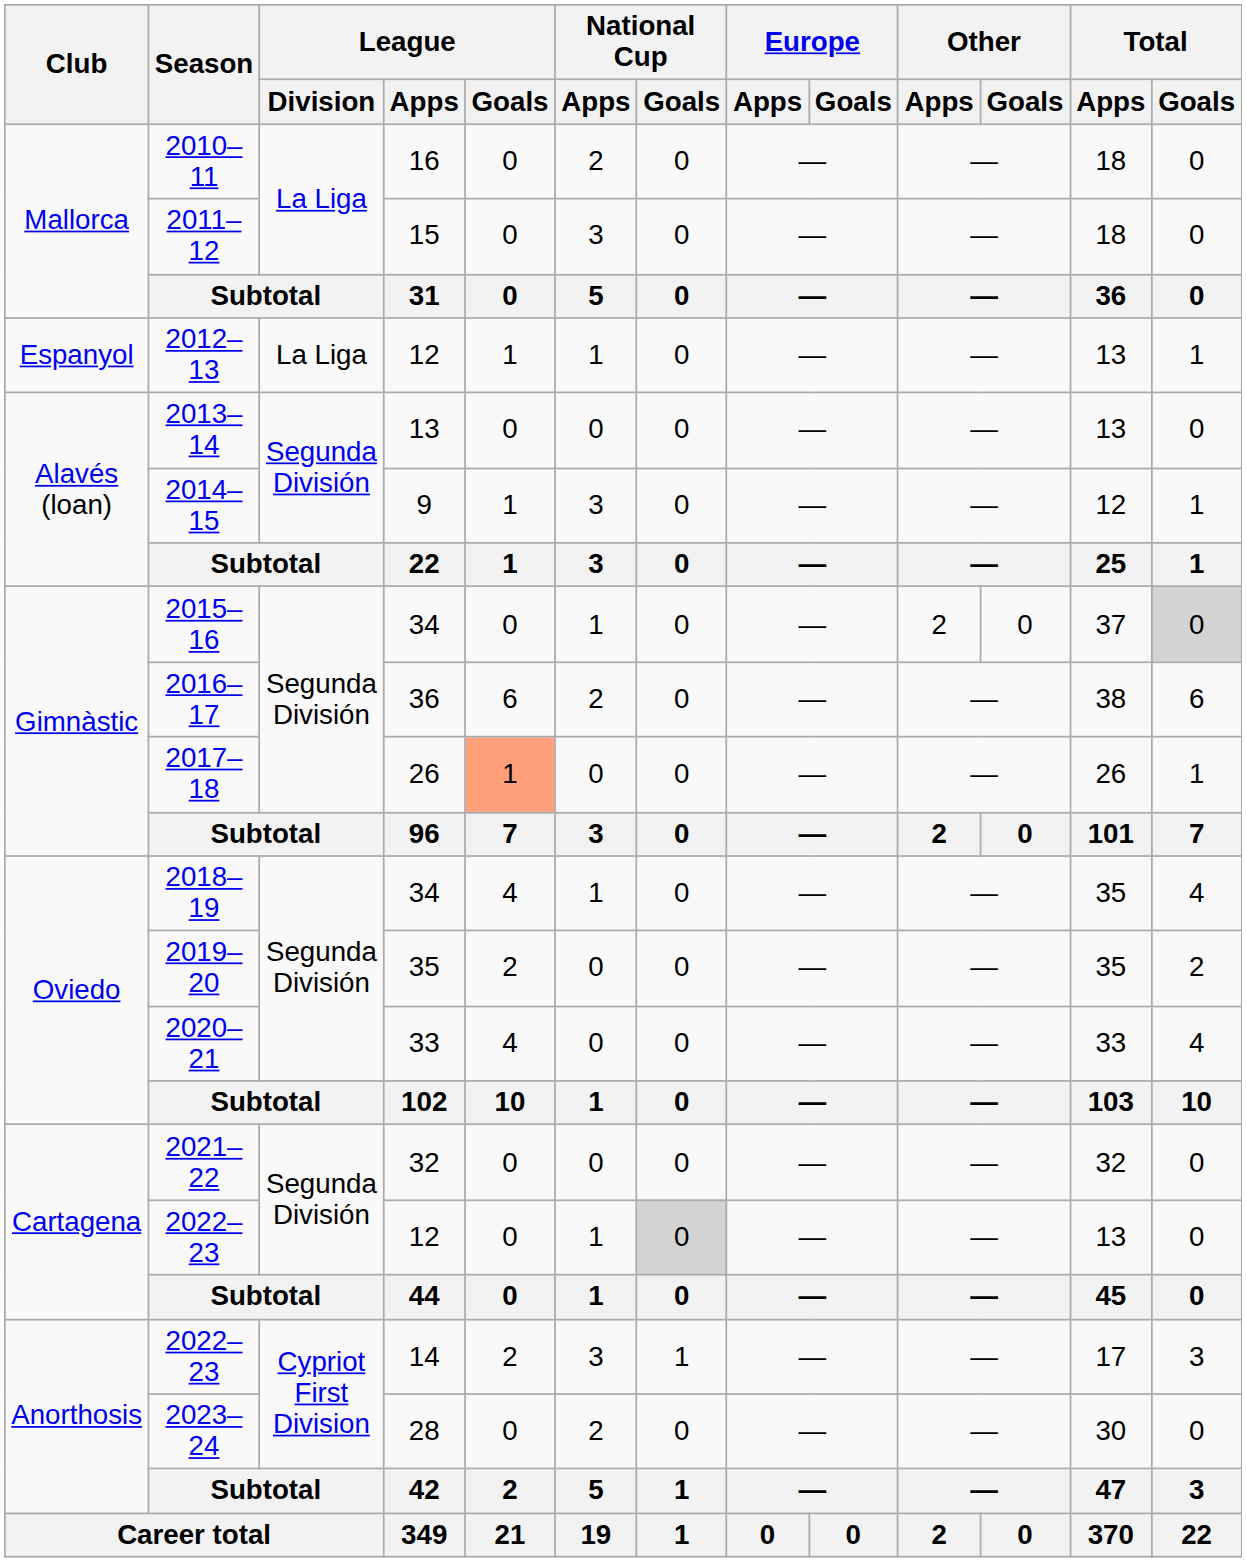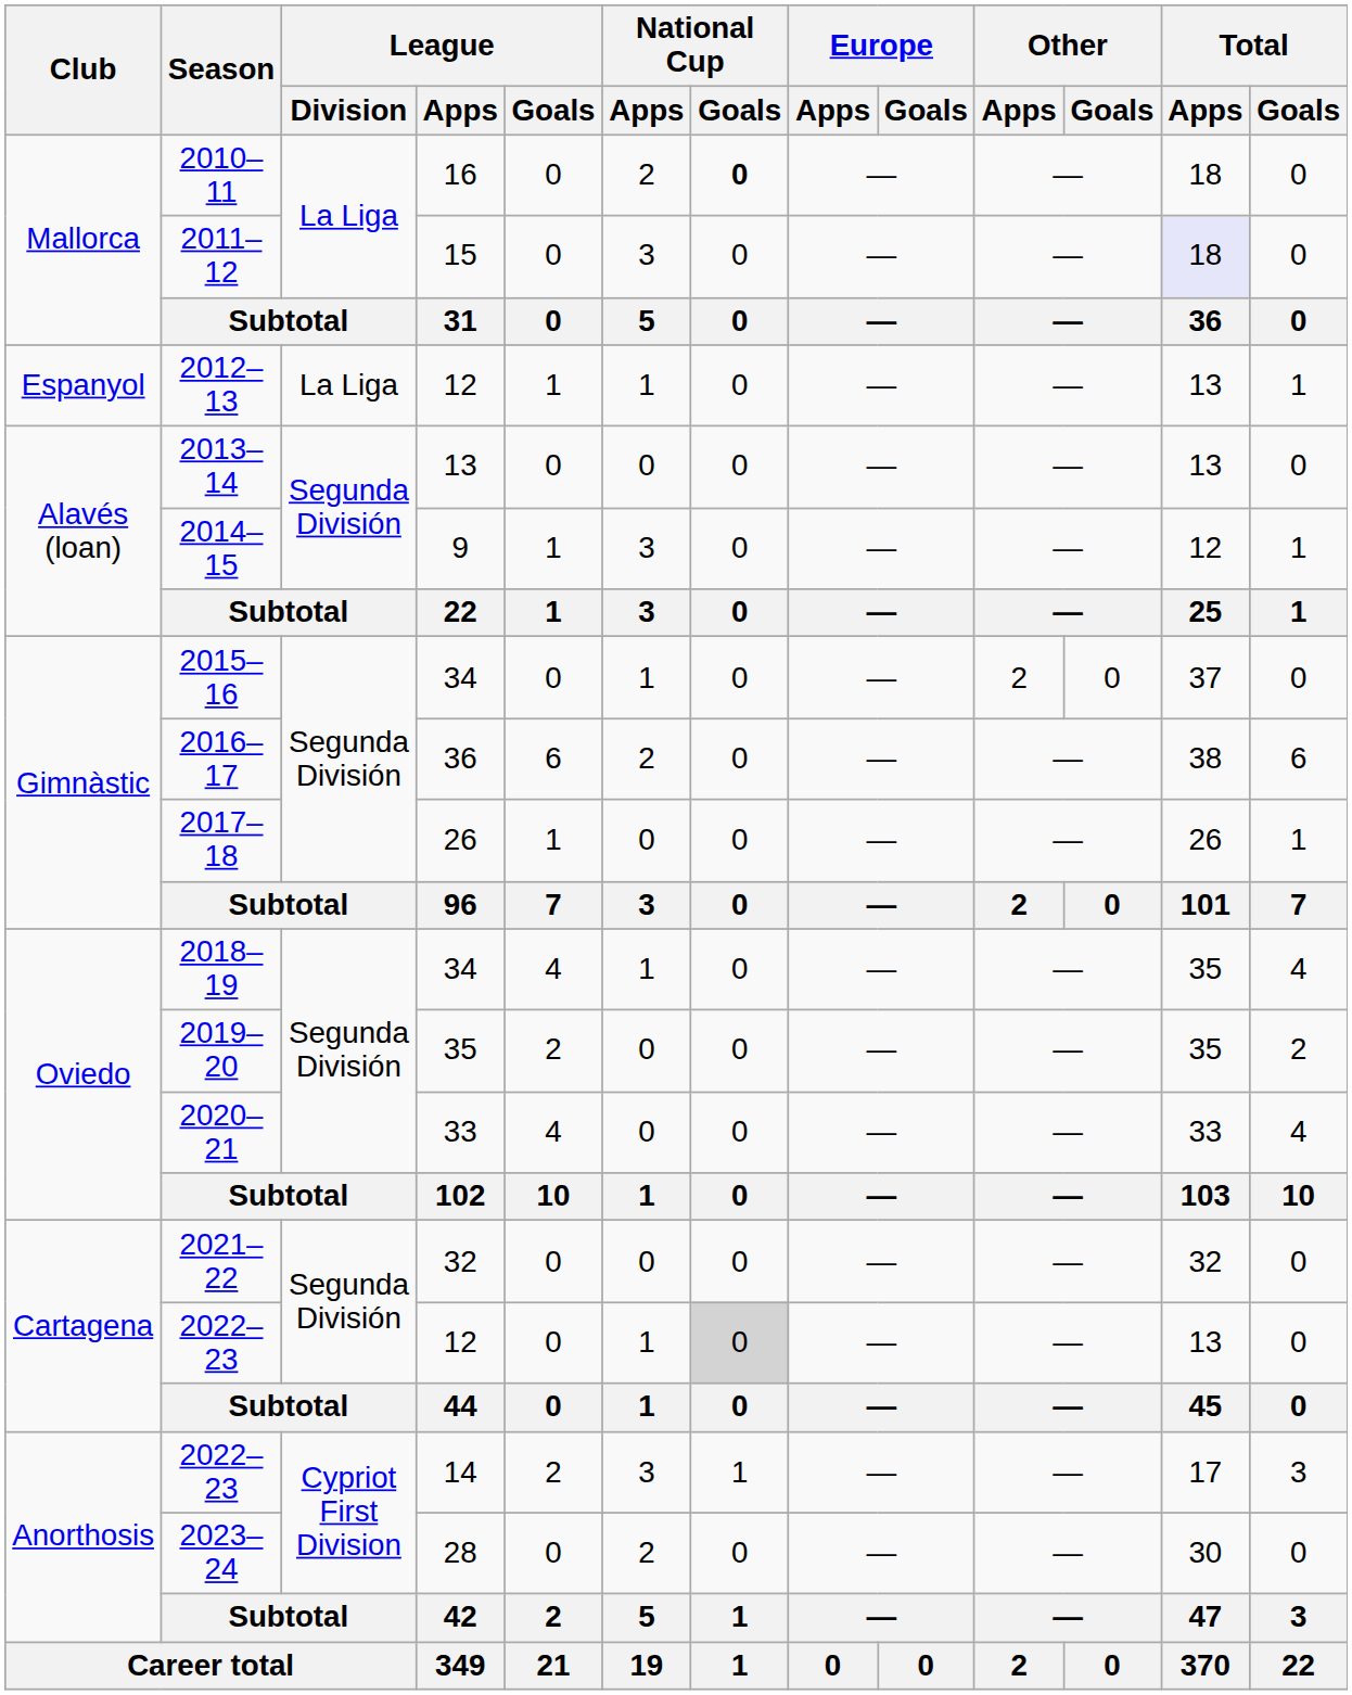 <table class="wikitable" style="text-align: center">
 <tr>
 <th rowspan=2>Club</th>
 <th rowspan=2>Season</th>
 <th colspan=3>League</th>
 <th colspan=2>National Cup</th>
 <th colspan=2><a href='#'>Europe</a></th>
 <th colspan=2>Other</th>
 <th colspan=2>Total</th>
 </tr>
 <tr>
 <th>Division</th>
 <th>Apps</th>
 <th>Goals</th>
 <th>Apps</th>
 <th>Goals</th>
 <th>Apps</th>
 <th>Goals</th>
 <th>Apps</th>
 <th>Goals</th>
 <th>Apps</th>
 <th>Goals</th>
 </tr>
 <tr>
 <td rowspan="3"><a href='#'>Mallorca</a></td>
 <td><a href='#'>2010–11</a></td>
 <td rowspan="2"><a href='#'>La Liga</a></td>
 <td>16</td>
 <td>0</td>
 <td>2</td>
-<td>0</td>
+<td><strong>0</strong></td>
 <td colspan="2">—</td>
 <td colspan="2">—</td>
 <td>18</td>
 <td>0</td>
 </tr>
 <tr>
 <td><a href='#'>2011–12</a></td>
 <td>15</td>
 <td>0</td>
 <td>3</td>
 <td>0</td>
 <td colspan="2">—</td>
 <td colspan="2">—</td>
-<td>18</td>
+<td style="background: lavender;">18</td>
 <td>0</td>
 </tr>
 <tr>
 <th colspan=2>Subtotal</th>
 <th>31</th>
 <th>0</th>
 <th>5</th>
 <th>0</th>
 <th colspan="2">—</th>
 <th colspan="2">—</th>
 <th>36</th>
 <th>0</th>
 </tr>
 <tr>
 <td rowspan="1"><a href='#'>Espanyol</a></td>
 <td><a href='#'>2012–13</a></td>
 <td rowspan="1">La Liga</td>
 <td>12</td>
 <td>1</td>
 <td>1</td>
 <td>0</td>
 <td colspan="2">—</td>
 <td colspan="2">—</td>
 <td>13</td>
 <td>1</td>
 </tr>
 <tr>
 <td rowspan="3"><a href='#'>Alavés</a> (loan)</td>
 <td><a href='#'>2013–14</a></td>
 <td rowspan="2"><a href='#'>Segunda División</a></td>
 <td>13</td>
 <td>0</td>
 <td>0</td>
 <td>0</td>
 <td colspan="2">—</td>
 <td colspan="2">—</td>
 <td>13</td>
 <td>0</td>
 </tr>
 <tr>
 <td><a href='#'>2014–15</a></td>
 <td>9</td>
 <td>1</td>
 <td>3</td>
 <td>0</td>
 <td colspan="2">—</td>
 <td colspan="2">—</td>
 <td>12</td>
 <td>1</td>
 </tr>
 <tr>
 <th colspan=2>Subtotal</th>
 <th>22</th>
 <th>1</th>
 <th>3</th>
 <th>0</th>
 <th colspan="2">—</th>
 <th colspan="2">—</th>
 <th>25</th>
 <th>1</th>
 </tr>
 <tr>
 <td rowspan="4"><a href='#'>Gimnàstic</a></td>
 <td><a href='#'>2015–16</a></td>
 <td rowspan="3">Segunda División</td>
 <td>34</td>
 <td>0</td>
 <td>1</td>
 <td>0</td>
 <td colspan="2">—</td>
 <td>2</td>
 <td>0</td>
 <td>37</td>
-<td style="background: lightgrey;">0</td>
+<td>0</td>
 </tr>
 <tr>
 <td><a href='#'>2016–17</a></td>
 <td>36</td>
 <td>6</td>
 <td>2</td>
 <td>0</td>
 <td colspan="2">—</td>
 <td colspan="2">—</td>
 <td>38</td>
 <td>6</td>
 </tr>
 <tr>
 <td><a href='#'>2017–18</a></td>
 <td>26</td>
-<td style="background: lightsalmon;">1</td>
+<td>1</td>
 <td>0</td>
 <td>0</td>
 <td colspan="2">—</td>
 <td colspan="2">—</td>
 <td>26</td>
 <td>1</td>
 </tr>
 <tr>
 <th colspan=2>Subtotal</th>
 <th>96</th>
 <th>7</th>
 <th>3</th>
 <th>0</th>
 <th colspan="2">—</th>
 <th>2</th>
 <th>0</th>
 <th>101</th>
 <th>7</th>
 </tr>
 <tr>
 <td rowspan="4"><a href='#'>Oviedo</a></td>
 <td><a href='#'>2018–19</a></td>
 <td rowspan="3">Segunda División</td>
 <td>34</td>
 <td>4</td>
 <td>1</td>
 <td>0</td>
 <td colspan="2">—</td>
 <td colspan="2">—</td>
 <td>35</td>
 <td>4</td>
 </tr>
 <tr>
 <td><a href='#'>2019–20</a></td>
 <td>35</td>
 <td>2</td>
 <td>0</td>
 <td>0</td>
 <td colspan="2">—</td>
 <td colspan="2">—</td>
 <td>35</td>
 <td>2</td>
 </tr>
 <tr>
 <td><a href='#'>2020–21</a></td>
 <td>33</td>
 <td>4</td>
 <td>0</td>
 <td>0</td>
 <td colspan="2">—</td>
 <td colspan="2">—</td>
 <td>33</td>
 <td>4</td>
 </tr>
 <tr>
 <th colspan=2>Subtotal</th>
 <th>102</th>
 <th>10</th>
 <th>1</th>
 <th>0</th>
 <th colspan="2">—</th>
 <th colspan="2">—</th>
 <th>103</th>
 <th>10</th>
 </tr>
 <tr>
 <td rowspan="3"><a href='#'>Cartagena</a></td>
 <td><a href='#'>2021–22</a></td>
 <td rowspan="2">Segunda División</td>
 <td>32</td>
 <td>0</td>
 <td>0</td>
 <td>0</td>
 <td colspan="2">—</td>
 <td colspan="2">—</td>
 <td>32</td>
 <td>0</td>
 </tr>
 <tr>
 <td><a href='#'>2022–23</a></td>
 <td>12</td>
 <td>0</td>
 <td>1</td>
 <td style="background: lightgrey;">0</td>
 <td colspan="2">—</td>
 <td colspan="2">—</td>
 <td>13</td>
 <td>0</td>
 </tr>
 <tr>
 <th colspan=2>Subtotal</th>
 <th>44</th>
 <th>0</th>
 <th>1</th>
 <th>0</th>
 <th colspan="2">—</th>
 <th colspan="2">—</th>
 <th>45</th>
 <th>0</th>
 </tr>
 <tr>
 <td rowspan="3"><a href='#'>Anorthosis</a></td>
 <td><a href='#'>2022–23</a></td>
 <td rowspan="2"><a href='#'>Cypriot First Division</a></td>
 <td>14</td>
 <td>2</td>
 <td>3</td>
 <td>1</td>
 <td colspan="2">—</td>
 <td colspan="2">—</td>
 <td>17</td>
 <td>3</td>
 </tr>
 <tr>
 <td><a href='#'>2023–24</a></td>
 <td>28</td>
 <td>0</td>
 <td>2</td>
 <td>0</td>
 <td colspan="2">—</td>
 <td colspan="2">—</td>
 <td>30</td>
 <td>0</td>
 </tr>
 <tr>
 <th colspan=2>Subtotal</th>
 <th>42</th>
 <th>2</th>
 <th>5</th>
 <th>1</th>
 <th colspan="2">—</th>
 <th colspan="2">—</th>
 <th>47</th>
 <th>3</th>
 </tr>
 <tr>
 <th colspan="3">Career total</th>
 <th>349</th>
 <th>21</th>
 <th>19</th>
 <th>1</th>
 <th>0</th>
 <th>0</th>
 <th>2</th>
 <th>0</th>
 <th>370</th>
 <th>22</th>
 </tr>
 </table>
